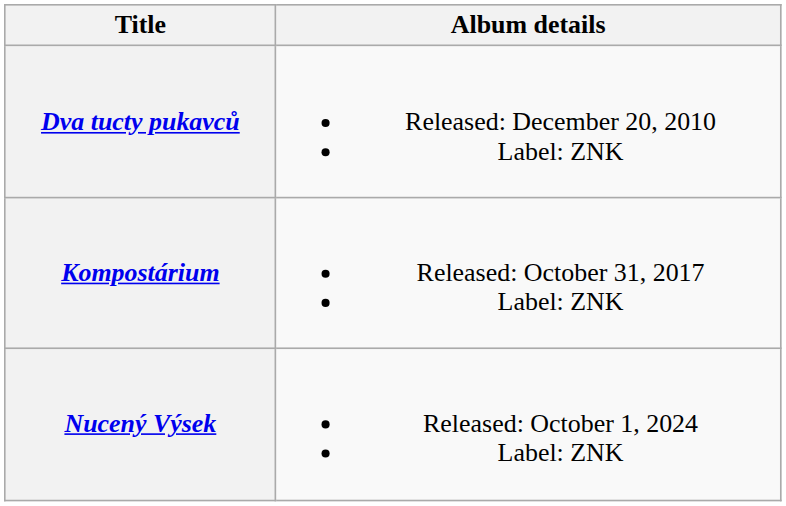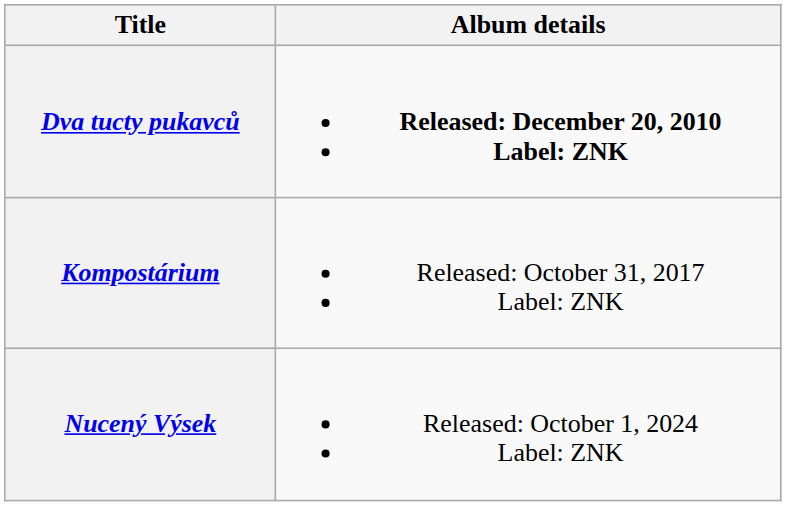 <table class="wikitable plainrowheaders" style="text-align:center;">
 <tr>
 <th scope="col" rowspan="1" style="width:10em;">Title</th>
 <th scope="col" rowspan="1" style="width:19em;">Album details</th>
 </tr>
 <tr>
 <th scope="row"><em><a href='#'>Dva tucty pukavců</a></em></th>
-<td><br><ul><li>Released: December 20, 2010</li><li>Label: ZNK</li></ul></td>
+<td><strong><br><ul><li>Released: December 20, 2010</li><li>Label: ZNK</li></ul></strong></td>
 </tr>
 <tr>
 <th scope="row"><em><a href='#'>Kompostárium</a></em></th>
 <td><br><ul><li>Released: October 31, 2017</li><li>Label: ZNK</li></ul></td>
 </tr>
 <tr>
 <th scope="row"><em><a href='#'>Nucený Výsek</a></em></th>
 <td><br><ul><li>Released: October 1, 2024</li><li>Label: ZNK</li></ul></td>
 </tr>
 </table>
